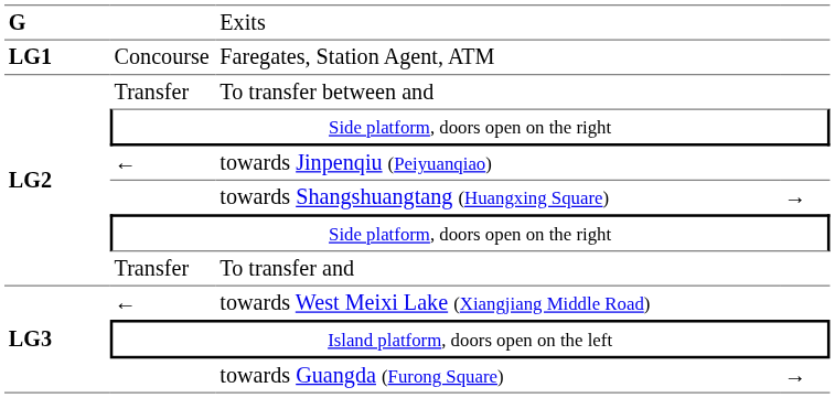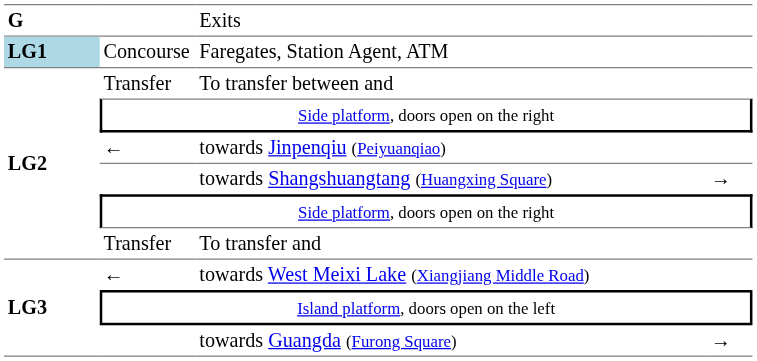 <table table border=0 cellspacing=0 cellpadding=3>
 <tr>
 <td style="border-bottom:solid 1px gray; border-top:solid 1px gray;" valign=top><strong>G</strong></td>
 <td style="border-bottom:solid 1px gray; border-top:solid 1px gray;" valign=top></td>
 <td style="border-bottom:solid 1px gray; border-top:solid 1px gray;" valign=top>Exits</td>
 <td style="border-bottom:solid 1px gray; border-top:solid 1px gray;" valign=top></td>
 </tr>
 <tr>
-<td width=70><strong>LG1</strong></td>
+<td width=70 style="background: lightblue;"><strong>LG1</strong></td>
 <td width=70>Concourse</td>
 <td width=400>Faregates, Station Agent, ATM</td>
 <td width=30></td>
 </tr>
 <tr>
 <td style="border-top:solid 1px gray;border-bottom:solid 1px gray;" rowspan=6><strong>LG2</strong></td>
 <td style="border-top:solid 1px gray;">Transfer</td>
 <td style="border-top:solid 1px gray;">To transfer between  and </td>
 <td style="border-top:solid 1px gray;"></td>
 </tr>
 <tr>
 <td style="border-right:solid 2px black;border-left:solid 2px black;border-top:solid 1px gray;border-bottom:solid 2px black;text-align:center;" colspan=3><small><a href='#'>Side platform</a>, doors open on the right</small></td>
 </tr>
 <tr>
 <td>←</td>
 <td> towards <a href='#'>Jinpenqiu</a> <small>(<a href='#'>Peiyuanqiao</a>)</small></td>
 <td></td>
 </tr>
 <tr>
 <td style="border-top:solid 1px gray;"></td>
 <td style="border-top:solid 1px gray;"> towards <a href='#'>Shangshuangtang</a> <small>(<a href='#'>Huangxing Square</a>)</small></td>
 <td style="border-top:solid 1px gray;">→</td>
 </tr>
 <tr>
 <td style="border-right:solid 2px black;border-left:solid 2px black;border-top:solid 2px black;border-bottom:solid 1px gray;text-align:center;" colspan=3><small><a href='#'>Side platform</a>, doors open on the right</small></td>
 </tr>
 <tr>
 <td style="border-bottom:solid 1px gray;">Transfer</td>
 <td style="border-bottom:solid 1px gray;">To transfer  and </td>
 <td style="border-bottom:solid 1px gray;"></td>
 </tr>
 <tr>
 <td style="border-bottom:solid 1px gray;" rowspan=3><strong>LG3</strong></td>
 <td>←</td>
 <td> towards <a href='#'>West Meixi Lake</a> <small>(<a href='#'>Xiangjiang Middle Road</a>)</small></td>
 <td></td>
 </tr>
 <tr>
 <td style="border-right:solid 2px black;border-left:solid 2px black;border-top:solid 2px black;border-bottom:solid 2px black;text-align:center;" colspan=3><small><a href='#'>Island platform</a>, doors open on the left</small></td>
 </tr>
 <tr>
 <td style="border-bottom:solid 1px gray;"></td>
 <td style="border-bottom:solid 1px gray;"> towards <a href='#'>Guangda</a> <small>(<a href='#'>Furong Square</a>)</small></td>
 <td style="border-bottom:solid 1px gray;">→</td>
 </tr>
 <tr>
 </tr>
 </table>
